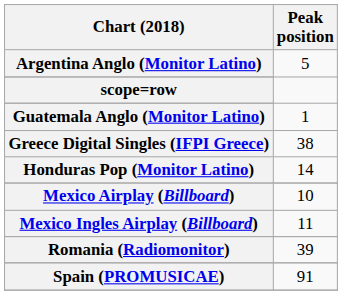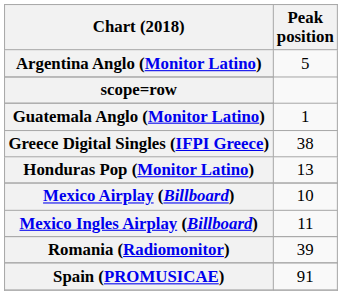 <table class="wikitable sortable plainrowheaders" style="text-align:center">
 <tr>
 <th scope="col">Chart (2018)</th>
 <th scope="col">Peak<br> position</th>
 </tr>
 <tr>
 <th scope="row">Argentina Anglo (<a href='#'>Monitor Latino</a>)</th>
 <td>5</td>
 </tr>
 <tr>
 </tr>
 <tr>
 </tr>
 <tr>
 <th>scope=row</th>
 </tr>
 <tr>
 </tr>
 <tr>
 <th scope="row">Guatemala Anglo (<a href='#'>Monitor Latino</a>)</th>
 <td>1</td>
 </tr>
 <tr>
 <th scope="row">Greece Digital Singles (<a href='#'>IFPI Greece</a>)</th>
 <td>38</td>
 </tr>
 <tr>
 <th scope="row">Honduras Pop (<a href='#'>Monitor Latino</a>)</th>
-<td>14</td>
+<td>13</td>
 </tr>
 <tr>
 </tr>
 <tr>
 <th scope="row"><a href='#'>Mexico Airplay</a> (<em><a href='#'>Billboard</a></em>)</th>
 <td>10</td>
 </tr>
 <tr>
 <th scope="row"><a href='#'>Mexico Ingles Airplay</a> (<a href='#'><em>Billboard</em></a>)</th>
 <td>11</td>
 </tr>
 <tr>
 </tr>
 <tr>
 <th scope="row">Romania (<a href='#'>Radiomonitor</a>)</th>
 <td>39</td>
 </tr>
 <tr>
 </tr>
 <tr>
 <th scope="row">Spain (<a href='#'>PROMUSICAE</a>)</th>
 <td>91</td>
 </tr>
 <tr>
 </tr>
 <tr>
 </tr>
 <tr>
 </tr>
 <tr>
 </tr>
 </table>
